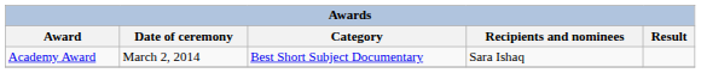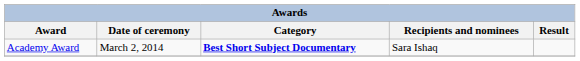 <table class="wikitable" width="95%">
 <tr>
 <th colspan="5" style="background: LightSteelBlue;">Awards</th>
 </tr>
 <tr>
 <th>Award</th>
 <th>Date of ceremony</th>
 <th>Category</th>
 <th>Recipients and nominees</th>
 <th>Result</th>
 </tr>
 <tr>
 <td><a href='#'>Academy Award</a></td>
 <td>March 2, 2014</td>
-<td><a href='#'>Best Short Subject Documentary</a></td>
+<td><strong><a href='#'>Best Short Subject Documentary</a></strong></td>
 <td>Sara Ishaq</td>
 <td></td>
 </tr>
 <tr>
 </tr>
 </table>
